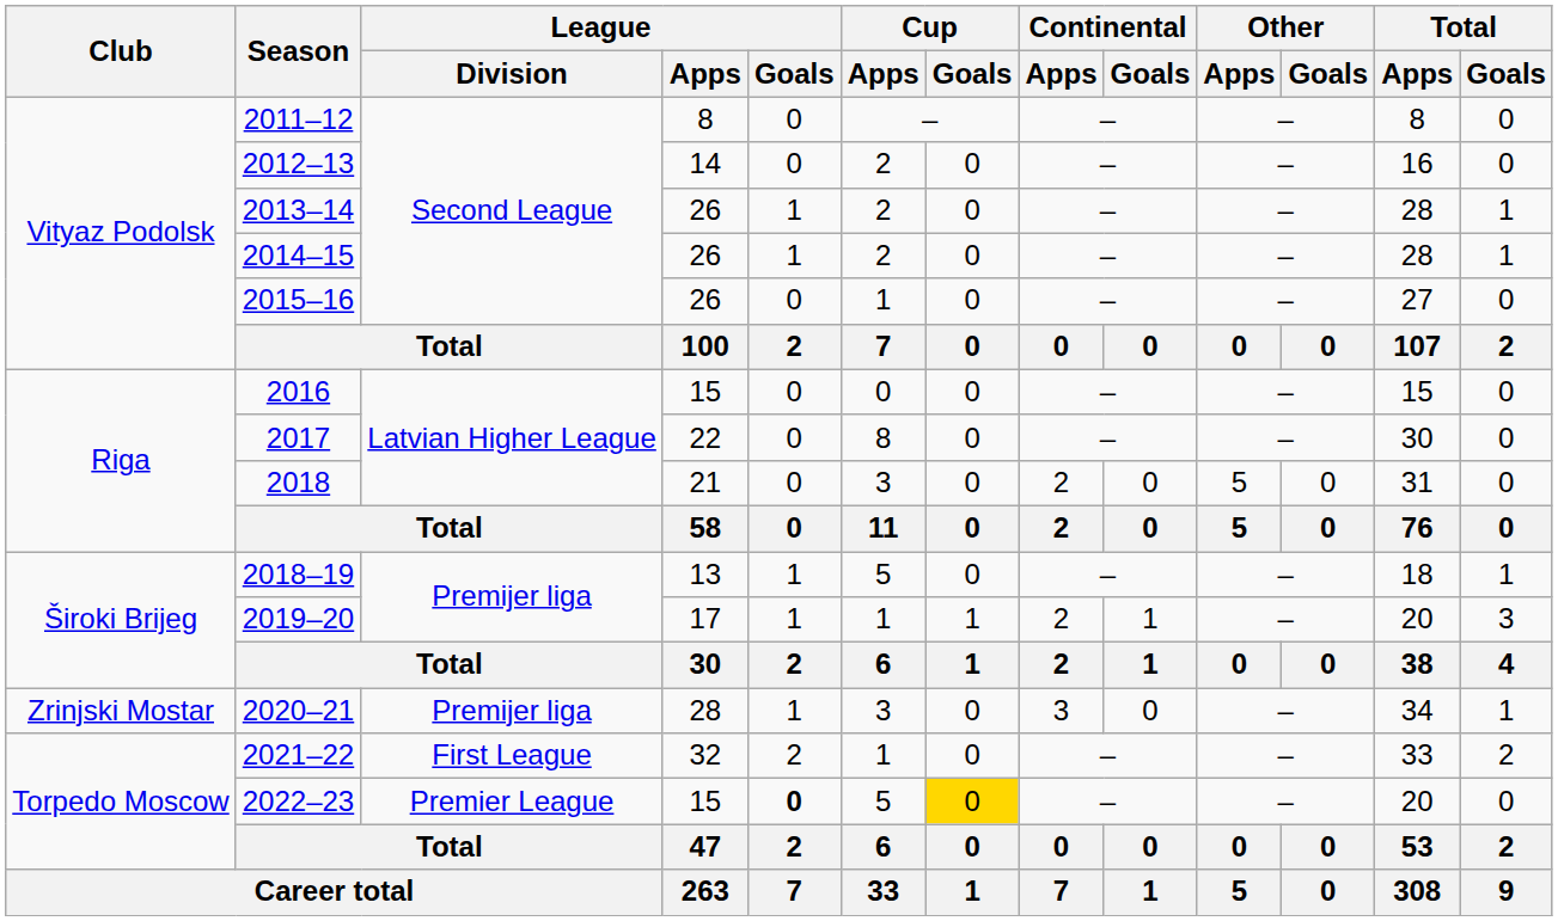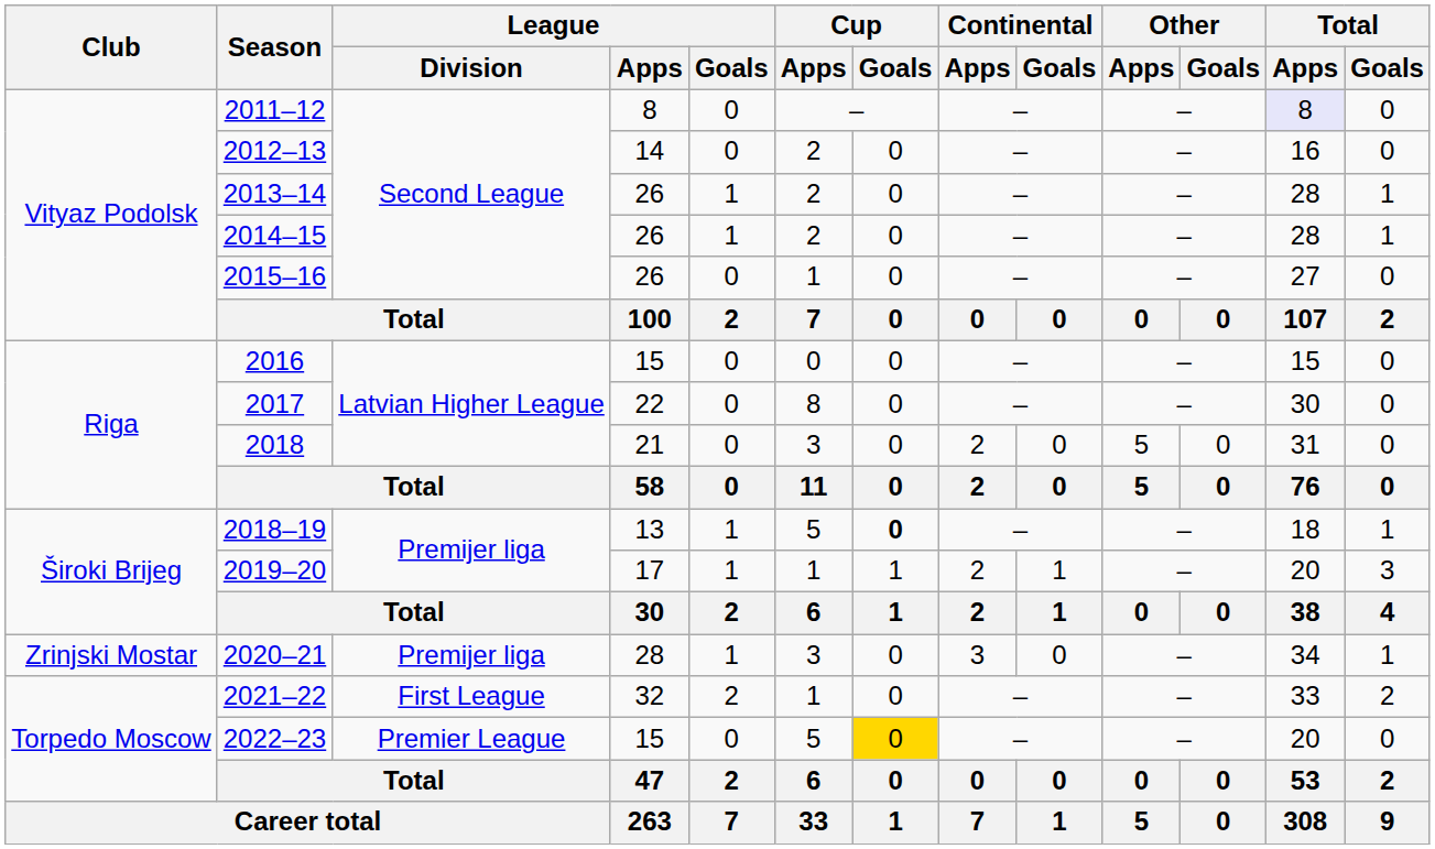 <table class="wikitable" style="text-align: center;">
 <tr>
 <th rowspan=2>Club</th>
 <th rowspan=2>Season</th>
 <th colspan=3>League</th>
 <th colspan=2>Cup</th>
 <th colspan=2>Continental</th>
 <th colspan=2>Other</th>
 <th colspan=2>Total</th>
 </tr>
 <tr>
 <th>Division</th>
 <th>Apps</th>
 <th>Goals</th>
 <th>Apps</th>
 <th>Goals</th>
 <th>Apps</th>
 <th>Goals</th>
 <th>Apps</th>
 <th>Goals</th>
 <th>Apps</th>
 <th>Goals</th>
 </tr>
 <tr>
 <td rowspan="6"><a href='#'>Vityaz Podolsk</a></td>
 <td><a href='#'>2011–12</a></td>
 <td rowspan="5"><a href='#'>Second League</a></td>
 <td>8</td>
 <td>0</td>
 <td colspan=2>–</td>
 <td colspan=2>–</td>
 <td colspan=2>–</td>
-<td>8</td>
+<td style="background: lavender;">8</td>
 <td>0</td>
 </tr>
 <tr>
 <td><a href='#'>2012–13</a></td>
 <td>14</td>
 <td>0</td>
 <td>2</td>
 <td>0</td>
 <td colspan=2>–</td>
 <td colspan=2>–</td>
 <td>16</td>
 <td>0</td>
 </tr>
 <tr>
 <td><a href='#'>2013–14</a></td>
 <td>26</td>
 <td>1</td>
 <td>2</td>
 <td>0</td>
 <td colspan=2>–</td>
 <td colspan=2>–</td>
 <td>28</td>
 <td>1</td>
 </tr>
 <tr>
 <td><a href='#'>2014–15</a></td>
 <td>26</td>
 <td>1</td>
 <td>2</td>
 <td>0</td>
 <td colspan=2>–</td>
 <td colspan=2>–</td>
 <td>28</td>
 <td>1</td>
 </tr>
 <tr>
 <td><a href='#'>2015–16</a></td>
 <td>26</td>
 <td>0</td>
 <td>1</td>
 <td>0</td>
 <td colspan=2>–</td>
 <td colspan=2>–</td>
 <td>27</td>
 <td>0</td>
 </tr>
 <tr>
 <th colspan=2>Total</th>
 <th>100</th>
 <th>2</th>
 <th>7</th>
 <th>0</th>
 <th>0</th>
 <th>0</th>
 <th>0</th>
 <th>0</th>
 <th>107</th>
 <th>2</th>
 </tr>
 <tr>
 <td rowspan="4"><a href='#'>Riga</a></td>
 <td><a href='#'>2016</a></td>
 <td rowspan="3"><a href='#'>Latvian Higher League</a></td>
 <td>15</td>
 <td>0</td>
 <td>0</td>
 <td>0</td>
 <td colspan=2>–</td>
 <td colspan=2>–</td>
 <td>15</td>
 <td>0</td>
 </tr>
 <tr>
 <td><a href='#'>2017</a></td>
 <td>22</td>
 <td>0</td>
 <td>8</td>
 <td>0</td>
 <td colspan=2>–</td>
 <td colspan=2>–</td>
 <td>30</td>
 <td>0</td>
 </tr>
 <tr>
 <td><a href='#'>2018</a></td>
 <td>21</td>
 <td>0</td>
 <td>3</td>
 <td>0</td>
 <td>2</td>
 <td>0</td>
 <td>5</td>
 <td>0</td>
 <td>31</td>
 <td>0</td>
 </tr>
 <tr>
 <th colspan=2>Total</th>
 <th>58</th>
 <th>0</th>
 <th>11</th>
 <th>0</th>
 <th>2</th>
 <th>0</th>
 <th>5</th>
 <th>0</th>
 <th>76</th>
 <th>0</th>
 </tr>
 <tr>
 <td rowspan="3"><a href='#'>Široki Brijeg</a></td>
 <td><a href='#'>2018–19</a></td>
 <td rowspan="2"><a href='#'>Premijer liga</a></td>
 <td>13</td>
 <td>1</td>
 <td>5</td>
-<td>0</td>
+<td><strong>0</strong></td>
 <td colspan=2>–</td>
 <td colspan=2>–</td>
 <td>18</td>
 <td>1</td>
 </tr>
 <tr>
 <td><a href='#'>2019–20</a></td>
 <td>17</td>
 <td>1</td>
 <td>1</td>
 <td>1</td>
 <td>2</td>
 <td>1</td>
 <td colspan=2>–</td>
 <td>20</td>
 <td>3</td>
 </tr>
 <tr>
 <th colspan=2>Total</th>
 <th>30</th>
 <th>2</th>
 <th>6</th>
 <th>1</th>
 <th>2</th>
 <th>1</th>
 <th>0</th>
 <th>0</th>
 <th>38</th>
 <th>4</th>
 </tr>
 <tr>
 <td><a href='#'>Zrinjski Mostar</a></td>
 <td><a href='#'>2020–21</a></td>
 <td><a href='#'>Premijer liga</a></td>
 <td>28</td>
 <td>1</td>
 <td>3</td>
 <td>0</td>
 <td>3</td>
 <td>0</td>
 <td colspan=2>–</td>
 <td>34</td>
 <td>1</td>
 </tr>
 <tr>
 <td rowspan="3"><a href='#'>Torpedo Moscow</a></td>
 <td><a href='#'>2021–22</a></td>
 <td><a href='#'>First League</a></td>
 <td>32</td>
 <td>2</td>
 <td>1</td>
 <td>0</td>
 <td colspan=2>–</td>
 <td colspan=2>–</td>
 <td>33</td>
 <td>2</td>
 </tr>
 <tr>
 <td><a href='#'>2022–23</a></td>
 <td><a href='#'>Premier League</a></td>
 <td>15</td>
-<td><strong>0</strong></td>
+<td>0</td>
 <td>5</td>
 <td style="background: gold;">0</td>
 <td colspan=2>–</td>
 <td colspan=2>–</td>
 <td>20</td>
 <td>0</td>
 </tr>
 <tr>
 <th colspan=2>Total</th>
 <th>47</th>
 <th>2</th>
 <th>6</th>
 <th>0</th>
 <th>0</th>
 <th>0</th>
 <th>0</th>
 <th>0</th>
 <th>53</th>
 <th>2</th>
 </tr>
 <tr>
 <th colspan=3>Career total</th>
 <th>263</th>
 <th>7</th>
 <th>33</th>
 <th>1</th>
 <th>7</th>
 <th>1</th>
 <th>5</th>
 <th>0</th>
 <th>308</th>
 <th>9</th>
 </tr>
 </table>
